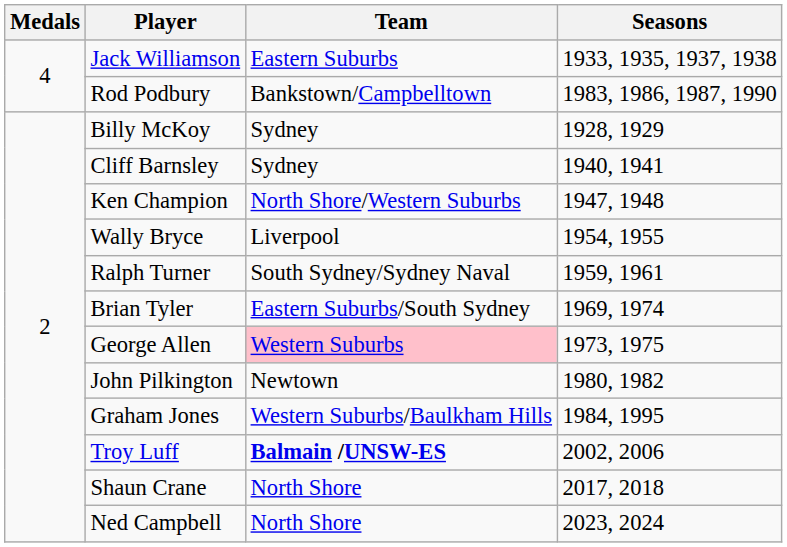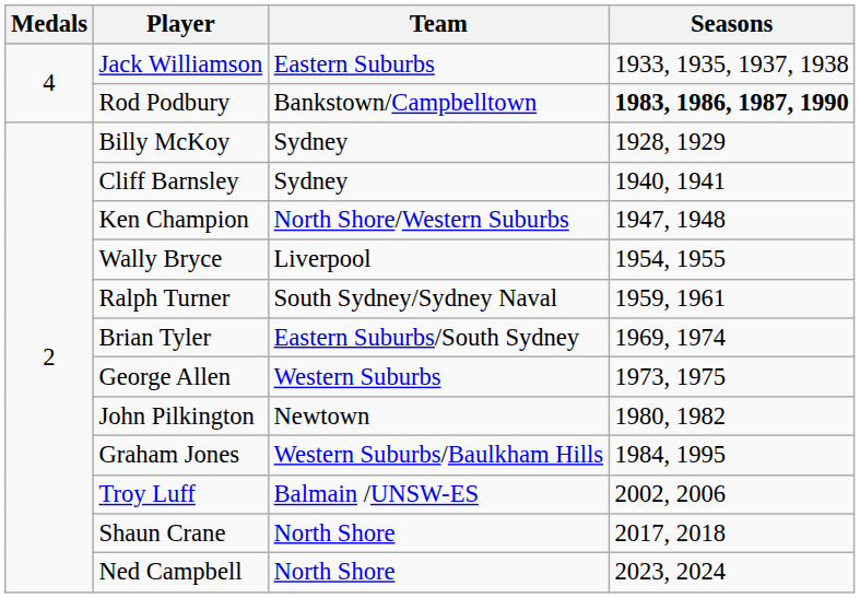 <table class="wikitable">
 <tr>
 <th>Medals</th>
 <th>Player</th>
 <th>Team</th>
 <th>Seasons</th>
 </tr>
 <tr>
 <td style="text-align:center;" rowspan="2">4</td>
 <td><a href='#'>Jack Williamson</a></td>
 <td><a href='#'>Eastern Suburbs</a></td>
 <td>1933, 1935, 1937, 1938</td>
 </tr>
 <tr>
 <td>Rod Podbury</td>
 <td>Bankstown/<a href='#'>Campbelltown</a></td>
-<td>1983, 1986, 1987, 1990</td>
+<td><strong>1983, 1986, 1987, 1990</strong></td>
 </tr>
 <tr>
 <td rowspan="12" style="text-align:center;">2</td>
 <td>Billy McKoy</td>
 <td>Sydney</td>
 <td>1928, 1929</td>
 </tr>
 <tr>
 <td>Cliff Barnsley</td>
 <td>Sydney</td>
 <td>1940, 1941</td>
 </tr>
 <tr>
 <td>Ken Champion</td>
 <td><a href='#'>North Shore</a>/<a href='#'>Western Suburbs</a></td>
 <td>1947, 1948</td>
 </tr>
 <tr>
 <td>Wally Bryce</td>
 <td>Liverpool</td>
 <td>1954, 1955</td>
 </tr>
 <tr>
 <td>Ralph Turner</td>
 <td>South Sydney/Sydney Naval</td>
 <td>1959, 1961</td>
 </tr>
 <tr>
 <td>Brian Tyler</td>
 <td><a href='#'>Eastern Suburbs</a>/South Sydney</td>
 <td>1969, 1974</td>
 </tr>
 <tr>
 <td>George Allen</td>
-<td style="background: pink;"><a href='#'>Western Suburbs</a></td>
+<td><a href='#'>Western Suburbs</a></td>
 <td>1973, 1975</td>
 </tr>
 <tr>
 <td>John Pilkington</td>
 <td>Newtown</td>
 <td>1980, 1982</td>
 </tr>
 <tr>
 <td>Graham Jones</td>
 <td><a href='#'>Western Suburbs</a>/<a href='#'>Baulkham Hills</a></td>
 <td>1984, 1995</td>
 </tr>
 <tr>
 <td><a href='#'>Troy Luff</a></td>
-<td><strong><a href='#'>Balmain</a> /<a href='#'>UNSW-ES</a></strong></td>
+<td><a href='#'>Balmain</a> /<a href='#'>UNSW-ES</a></td>
 <td>2002, 2006</td>
 </tr>
 <tr>
 <td>Shaun Crane</td>
 <td><a href='#'>North Shore</a></td>
 <td>2017, 2018</td>
 </tr>
 <tr>
 <td>Ned Campbell</td>
 <td><a href='#'>North Shore</a></td>
 <td>2023, 2024</td>
 </tr>
 </table>
